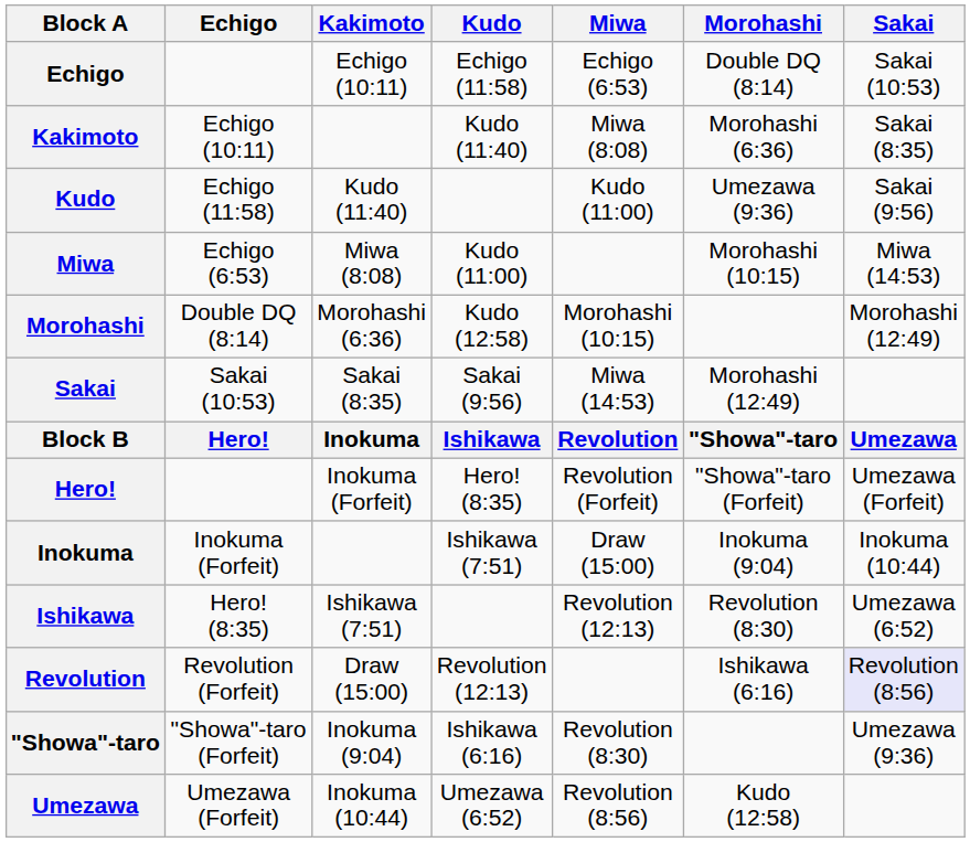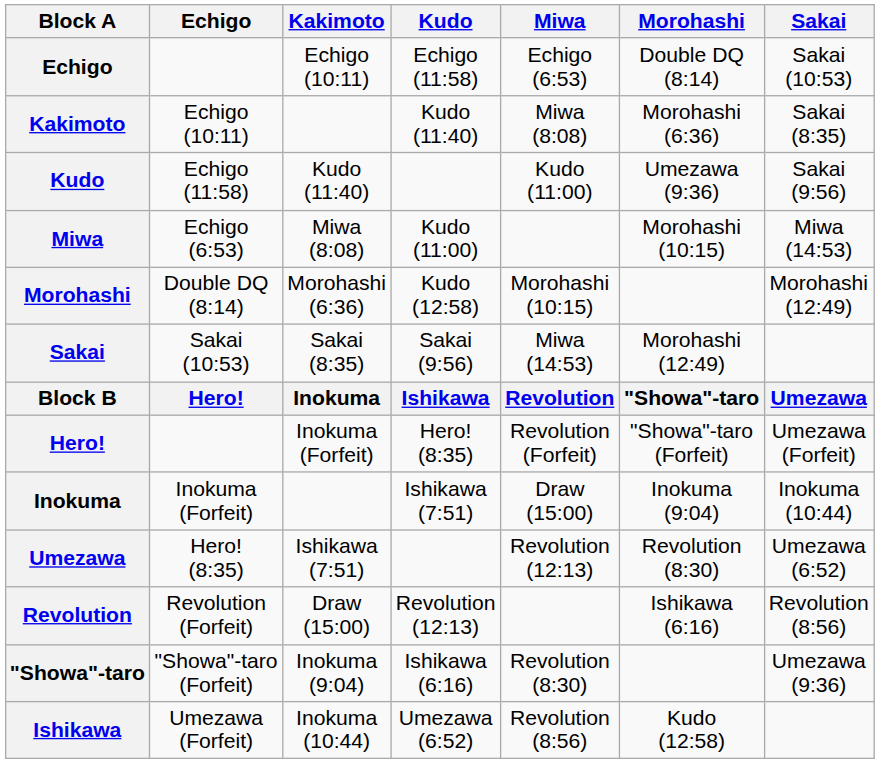 <table class="wikitable" style="margin: 1em auto 1em auto">
 <tr align="center">
 <th>Block A</th>
 <th>Echigo</th>
 <th><a href='#'>Kakimoto</a></th>
 <th><a href='#'>Kudo</a></th>
 <th><a href='#'>Miwa</a></th>
 <th><a href='#'>Morohashi</a></th>
 <th><a href='#'>Sakai</a></th>
 </tr>
 <tr align="center">
 <th>Echigo</th>
 <td></td>
 <td>Echigo<br>(10:11)</td>
 <td>Echigo<br>(11:58)</td>
 <td>Echigo<br>(6:53)</td>
 <td>Double DQ<br>(8:14)</td>
 <td>Sakai<br>(10:53)</td>
 </tr>
 <tr align="center">
 <th><a href='#'>Kakimoto</a></th>
 <td>Echigo<br>(10:11)</td>
 <td></td>
 <td>Kudo<br>(11:40)</td>
 <td>Miwa<br>(8:08)</td>
 <td>Morohashi<br>(6:36)</td>
 <td>Sakai<br>(8:35)</td>
 </tr>
 <tr align="center">
 <th><a href='#'>Kudo</a></th>
 <td>Echigo<br>(11:58)</td>
 <td>Kudo<br>(11:40)</td>
 <td></td>
 <td>Kudo<br>(11:00)</td>
 <td>Umezawa<br>(9:36)</td>
 <td>Sakai<br>(9:56)</td>
 </tr>
 <tr align="center">
 <th><a href='#'>Miwa</a></th>
 <td>Echigo<br>(6:53)</td>
 <td>Miwa<br>(8:08)</td>
 <td>Kudo<br>(11:00)</td>
 <td></td>
 <td>Morohashi<br>(10:15)</td>
 <td>Miwa<br>(14:53)</td>
 </tr>
 <tr align="center">
 <th><a href='#'>Morohashi</a></th>
 <td>Double DQ<br>(8:14)</td>
 <td>Morohashi<br>(6:36)</td>
 <td>Kudo<br>(12:58)</td>
 <td>Morohashi<br>(10:15)</td>
 <td></td>
 <td>Morohashi<br>(12:49)</td>
 </tr>
 <tr align="center">
 <th><a href='#'>Sakai</a></th>
 <td>Sakai<br>(10:53)</td>
 <td>Sakai<br>(8:35)</td>
 <td>Sakai<br>(9:56)</td>
 <td>Miwa<br>(14:53)</td>
 <td>Morohashi<br>(12:49)</td>
 <td></td>
 </tr>
 <tr align="center">
 <th>Block B</th>
 <th><a href='#'>Hero!</a></th>
 <th>Inokuma</th>
 <th><a href='#'>Ishikawa</a></th>
 <th><a href='#'>Revolution</a></th>
 <th>"Showa"-taro</th>
 <th><a href='#'>Umezawa</a></th>
 </tr>
 <tr align="center">
 <th><a href='#'>Hero!</a></th>
 <td></td>
 <td>Inokuma<br>(Forfeit)</td>
 <td>Hero!<br>(8:35)</td>
 <td>Revolution<br>(Forfeit)</td>
 <td>"Showa"-taro<br>(Forfeit)</td>
 <td>Umezawa<br>(Forfeit)</td>
 </tr>
 <tr align="center">
 <th>Inokuma</th>
 <td>Inokuma<br>(Forfeit)</td>
 <td></td>
 <td>Ishikawa<br>(7:51)</td>
 <td>Draw<br>(15:00)</td>
 <td>Inokuma<br>(9:04)</td>
 <td>Inokuma<br>(10:44)</td>
 </tr>
 <tr align="center">
-<th><a href='#'>Ishikawa</a></th>
+<th><a href='#'>Umezawa</a></th>
 <td>Hero!<br>(8:35)</td>
 <td>Ishikawa<br>(7:51)</td>
 <td></td>
 <td>Revolution<br>(12:13)</td>
 <td>Revolution<br>(8:30)</td>
 <td>Umezawa<br>(6:52)</td>
 </tr>
 <tr align="center">
 <th><a href='#'>Revolution</a></th>
 <td>Revolution<br>(Forfeit)</td>
 <td>Draw<br>(15:00)</td>
 <td>Revolution<br>(12:13)</td>
 <td></td>
 <td>Ishikawa<br>(6:16)</td>
-<td style="background: lavender;">Revolution<br>(8:56)</td>
+<td>Revolution<br>(8:56)</td>
 </tr>
 <tr align="center">
 <th>"Showa"-taro</th>
 <td>"Showa"-taro<br>(Forfeit)</td>
 <td>Inokuma<br>(9:04)</td>
 <td>Ishikawa<br>(6:16)</td>
 <td>Revolution<br>(8:30)</td>
 <td></td>
 <td>Umezawa<br>(9:36)</td>
 </tr>
 <tr align="center">
-<th><a href='#'>Umezawa</a></th>
+<th><a href='#'>Ishikawa</a></th>
 <td>Umezawa<br>(Forfeit)</td>
 <td>Inokuma<br>(10:44)</td>
 <td>Umezawa<br>(6:52)</td>
 <td>Revolution<br>(8:56)</td>
 <td>Kudo<br>(12:58)</td>
 <td></td>
 </tr>
 </table>
